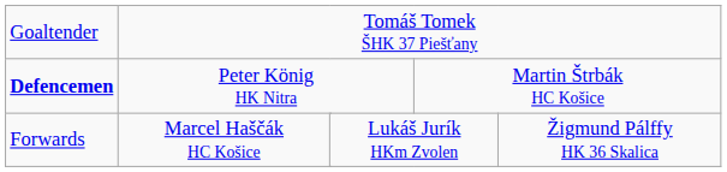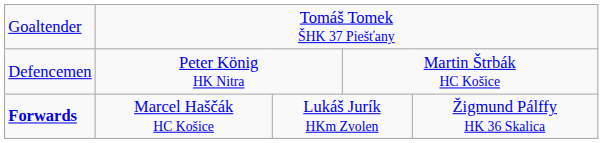 <table class="wikitable">
 <tr>
 <td><a href='#'>Goaltender</a></td>
 <td style="width: 30em;" colspan=6 align=center><a href='#'>Tomáš Tomek</a> <br> <small><a href='#'>ŠHK 37 Piešťany</a></small></td>
 </tr>
 <tr>
-<td><strong><a href='#'>Defencemen</a></strong></td>
+<td><a href='#'>Defencemen</a></td>
 <td colspan=3 align=center><a href='#'>Peter König</a> <br> <small><a href='#'>HK Nitra</a></small></td>
 <td colspan=3 align=center><a href='#'>Martin Štrbák</a> <br> <small><a href='#'>HC Košice</a></small></td>
 </tr>
 <tr>
-<td><a href='#'>Forwards</a></td>
+<td><strong><a href='#'>Forwards</a></strong></td>
 <td colspan=2 align=center><a href='#'>Marcel Haščák</a> <br> <small><a href='#'>HC Košice</a></small></td>
 <td colspan=2 align=center><a href='#'>Lukáš Jurík</a> <br> <small><a href='#'>HKm Zvolen</a></small></td>
 <td colspan=2 align=center><a href='#'>Žigmund Pálffy</a><br> <small><a href='#'>HK 36 Skalica</a></small></td>
 </tr>
 </table>
